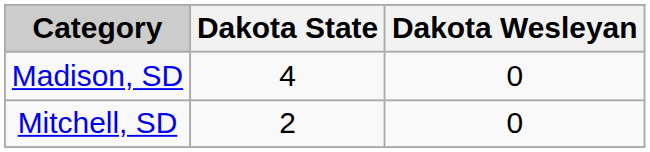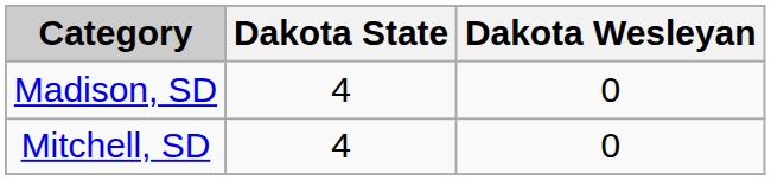 <table class="wikitable">
 <tr>
 <th style="background:#CCCCCC; text-align:center"><strong>Category</strong></th>
 <th><strong>Dakota State</strong></th>
 <th><strong>Dakota Wesleyan</strong></th>
 </tr>
 <tr>
 <td align=center><a href='#'>Madison, SD</a></td>
 <td align=center>4</td>
 <td align=center>0</td>
 </tr>
 <tr>
 <td align=center><a href='#'>Mitchell, SD</a></td>
-<td align=center>2</td>
+<td align=center>4</td>
 <td align=center>0</td>
 </tr>
 </table>
